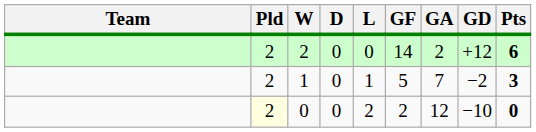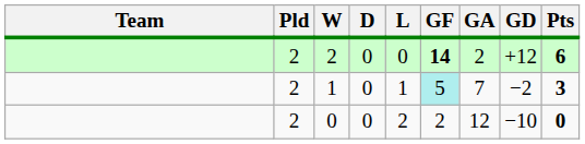 <table class=wikitable style="text-align:center">
 <tr>
 <th width=200>Team</th>
 <th width=20>Pld</th>
 <th width=20>W</th>
 <th width=20>D</th>
 <th width=20>L</th>
 <th width=20>GF</th>
 <th width=20>GA</th>
 <th width=20>GD</th>
 <th width=20>Pts</th>
 </tr>
 <tr style="border-bottom:3px solid green;">
 </tr>
 <tr style=background:#ccffcc>
 <td align=left></td>
 <td>2</td>
 <td>2</td>
 <td>0</td>
 <td>0</td>
-<td>14</td>
+<td><strong>14</strong></td>
 <td>2</td>
 <td>+12</td>
 <td><strong>6</strong></td>
 </tr>
 <tr>
 <td align=left></td>
 <td>2</td>
 <td>1</td>
 <td>0</td>
 <td>1</td>
-<td>5</td>
+<td style="background: paleturquoise;">5</td>
 <td>7</td>
 <td>−2</td>
 <td><strong>3</strong></td>
 </tr>
 <tr>
 <td align=left></td>
-<td style="background: lightyellow;">2</td>
+<td>2</td>
 <td>0</td>
 <td>0</td>
 <td>2</td>
 <td>2</td>
 <td>12</td>
 <td>−10</td>
 <td><strong>0</strong></td>
 </tr>
 </table>
